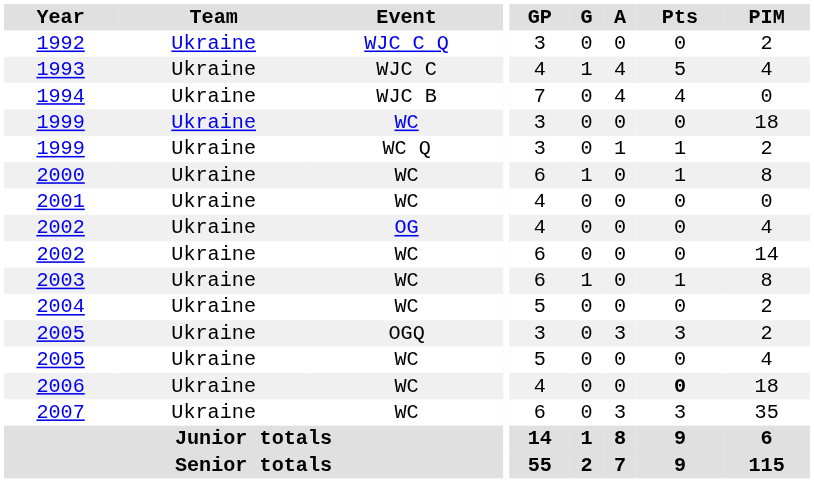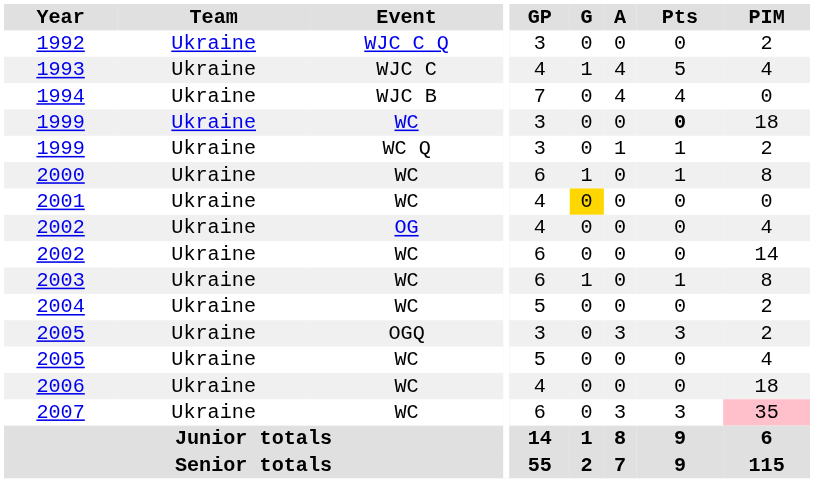 <table border="0" cellpadding="1" cellspacing="0" style="text-align:center; width:40em">
 <tr bgcolor="#e0e0e0">
 <th>Year</th>
 <th>Team</th>
 <th>Event</th>
 <th rowspan="99" bgcolor="#ffffff"></th>
 <th>GP</th>
 <th>G</th>
 <th>A</th>
 <th>Pts</th>
 <th>PIM</th>
 </tr>
 <tr>
 <td><a href='#'>1992</a></td>
 <td><a href='#'>Ukraine</a></td>
 <td><a href='#'>WJC C Q</a></td>
 <td>3</td>
 <td>0</td>
 <td>0</td>
 <td>0</td>
 <td>2</td>
 </tr>
 <tr bgcolor="#f0f0f0">
 <td><a href='#'>1993</a></td>
 <td>Ukraine</td>
 <td>WJC C</td>
 <td>4</td>
 <td>1</td>
 <td>4</td>
 <td>5</td>
 <td>4</td>
 </tr>
 <tr>
 <td><a href='#'>1994</a></td>
 <td>Ukraine</td>
 <td>WJC B</td>
 <td>7</td>
 <td>0</td>
 <td>4</td>
 <td>4</td>
 <td>0</td>
 </tr>
 <tr bgcolor="#f0f0f0">
 <td><a href='#'>1999</a></td>
 <td><a href='#'>Ukraine</a></td>
 <td><a href='#'>WC</a></td>
 <td>3</td>
 <td>0</td>
 <td>0</td>
-<td>0</td>
+<td><strong>0</strong></td>
 <td>18</td>
 </tr>
 <tr>
 <td><a href='#'>1999</a></td>
 <td>Ukraine</td>
 <td>WC Q</td>
 <td>3</td>
 <td>0</td>
 <td>1</td>
 <td>1</td>
 <td>2</td>
 </tr>
 <tr bgcolor="#f0f0f0">
 <td><a href='#'>2000</a></td>
 <td>Ukraine</td>
 <td>WC</td>
 <td>6</td>
 <td>1</td>
 <td>0</td>
 <td>1</td>
 <td>8</td>
 </tr>
 <tr>
 <td><a href='#'>2001</a></td>
 <td>Ukraine</td>
 <td>WC</td>
 <td>4</td>
-<td>0</td>
+<td style="background: gold;">0</td>
 <td>0</td>
 <td>0</td>
 <td>0</td>
 </tr>
 <tr bgcolor="#f0f0f0">
 <td><a href='#'>2002</a></td>
 <td>Ukraine</td>
 <td><a href='#'>OG</a></td>
 <td>4</td>
 <td>0</td>
 <td>0</td>
 <td>0</td>
 <td>4</td>
 </tr>
 <tr>
 <td><a href='#'>2002</a></td>
 <td>Ukraine</td>
 <td>WC</td>
 <td>6</td>
 <td>0</td>
 <td>0</td>
 <td>0</td>
 <td>14</td>
 </tr>
 <tr bgcolor="#f0f0f0">
 <td><a href='#'>2003</a></td>
 <td>Ukraine</td>
 <td>WC</td>
 <td>6</td>
 <td>1</td>
 <td>0</td>
 <td>1</td>
 <td>8</td>
 </tr>
 <tr>
 <td><a href='#'>2004</a></td>
 <td>Ukraine</td>
 <td>WC</td>
 <td>5</td>
 <td>0</td>
 <td>0</td>
 <td>0</td>
 <td>2</td>
 </tr>
 <tr bgcolor="#f0f0f0">
 <td><a href='#'>2005</a></td>
 <td>Ukraine</td>
 <td>OGQ</td>
 <td>3</td>
 <td>0</td>
 <td>3</td>
 <td>3</td>
 <td>2</td>
 </tr>
 <tr>
 <td><a href='#'>2005</a></td>
 <td>Ukraine</td>
 <td>WC</td>
 <td>5</td>
 <td>0</td>
 <td>0</td>
 <td>0</td>
 <td>4</td>
 </tr>
 <tr bgcolor="#f0f0f0">
 <td><a href='#'>2006</a></td>
 <td>Ukraine</td>
 <td>WC</td>
 <td>4</td>
 <td>0</td>
 <td>0</td>
-<td><strong>0</strong></td>
+<td>0</td>
 <td>18</td>
 </tr>
 <tr>
 <td><a href='#'>2007</a></td>
 <td>Ukraine</td>
 <td>WC</td>
 <td>6</td>
 <td>0</td>
 <td>3</td>
 <td>3</td>
-<td>35</td>
+<td style="background: pink;">35</td>
 </tr>
 <tr bgcolor="#e0e0e0">
 <th colspan="3">Junior totals</th>
 <th>14</th>
 <th>1</th>
 <th>8</th>
 <th>9</th>
 <th>6</th>
 </tr>
 <tr bgcolor="#e0e0e0">
 <th colspan="3">Senior totals</th>
 <th>55</th>
 <th>2</th>
 <th>7</th>
 <th>9</th>
 <th>115</th>
 </tr>
 </table>
